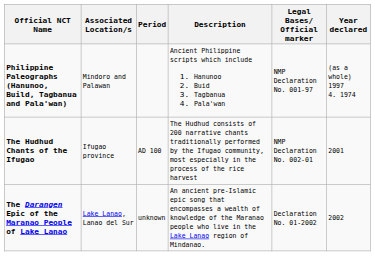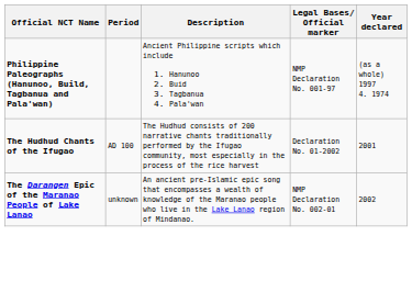 <table class="wikitable sortable plainrowheaders toptextcells">
 <tr>
 <th>Official NCT Name</th>
-<th>Associated Location/s</th>
 <th>Period</th>
 <th class="unsortable">Description</th>
 <th>Legal Bases/ Official marker</th>
 <th>Year declared</th>
 </tr>
 <tr>
 <td><br><strong>Philippine Paleographs (Hanunoo, Build, Tagbanua and Pala'wan)</strong></td>
-<td><small>Mindoro and Palawan</small></td>
 <td></td>
 <td><small>Ancient Philippine scripts which include</small><br><ol><li><small>Hanunoo</small></li><li><small>Buid</small></li><li><small>Tagbanua</small></li><li><small>Pala'wan</small></li></ol></td>
 <td><small>NMP Declaration No. 001-97</small></td>
 <td><small>(as a whole) 1997</small><br><small>4. 1974</small></td>
 </tr>
 <tr>
 <td scope="row"><strong>The Hudhud Chants of the Ifugao</strong></td>
-<td><small>Ifugao province</small></td>
 <td><small>AD 100</small></td>
 <td><small>The Hudhud consists of 200 narrative chants traditionally performed by the Ifugao community, most especially in the process of the rice harvest</small></td>
-<td><small>NMP Declaration No. 002-01</small></td>
+<td><small>Declaration No. 01-2002</small></td>
 <td><small>2001</small></td>
 </tr>
 <tr>
 <td><strong>The <em><a href='#'>Darangen</a></em> Epic of the <a href='#'>Maranao People</a> of <a href='#'>Lake Lanao</a></strong></td>
-<td><small><a href='#'>Lake Lanao</a>, Lanao del Sur</small></td>
 <td><small>unknown</small></td>
 <td><small>An ancient pre-Islamic epic song that encompasses a wealth of knowledge of the Maranao people who live in the <a href='#'>Lake Lanao</a> region of Mindanao.</small></td>
-<td><small>Declaration No. 01-2002</small></td>
+<td><small>NMP Declaration No. 002-01</small></td>
 <td><small>2002</small></td>
 </tr>
 </table>
